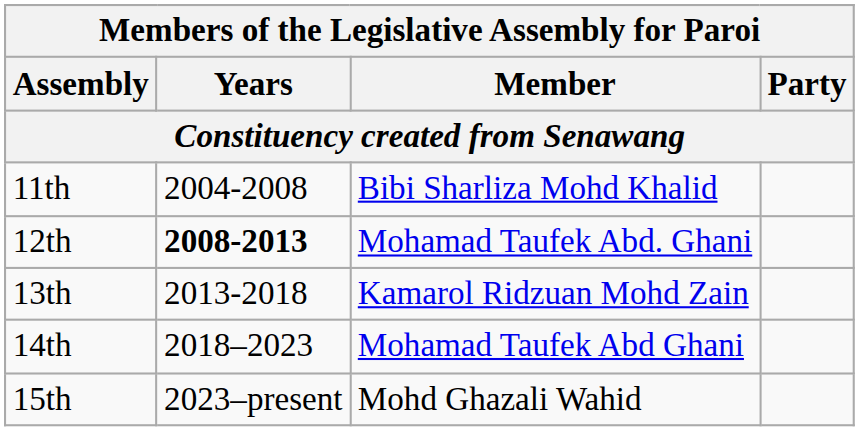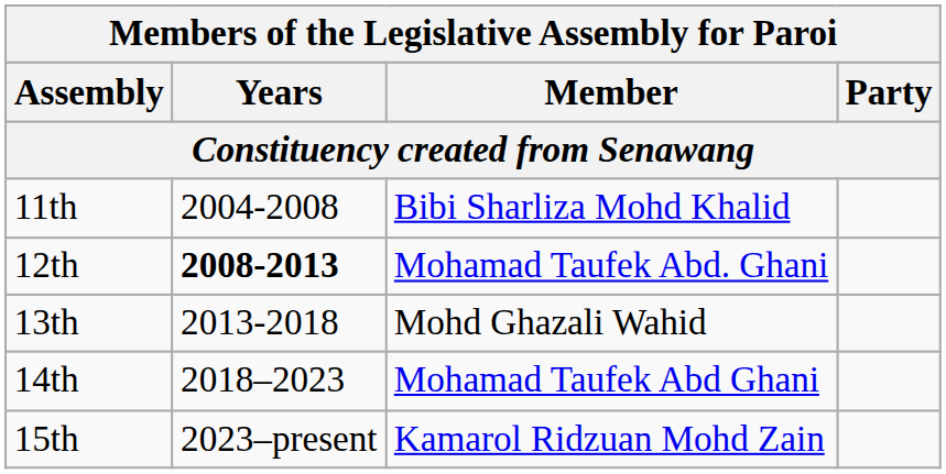 <table class=wikitable>
 <tr>
 <th colspan=4>Members of the Legislative Assembly for Paroi</th>
 </tr>
 <tr>
 <th>Assembly</th>
 <th>Years</th>
 <th>Member</th>
 <th>Party</th>
 </tr>
 <tr>
 <th colspan=4 align=center><em>Constituency created from Senawang</em></th>
 </tr>
 <tr>
 <td>11th</td>
 <td>2004-2008</td>
 <td><a href='#'>Bibi Sharliza Mohd Khalid</a></td>
 <td></td>
 </tr>
 <tr>
 <td>12th</td>
 <td><strong>2008-2013</strong></td>
 <td><a href='#'>Mohamad Taufek Abd. Ghani</a></td>
 <td></td>
 </tr>
 <tr>
 <td>13th</td>
 <td>2013-2018</td>
-<td><a href='#'>Kamarol Ridzuan Mohd Zain</a></td>
+<td>Mohd Ghazali Wahid</td>
 <td></td>
 </tr>
 <tr>
 <td>14th</td>
 <td>2018–2023</td>
 <td><a href='#'>Mohamad Taufek Abd Ghani</a></td>
 <td></td>
 </tr>
 <tr>
 <td>15th</td>
 <td>2023–present</td>
-<td>Mohd Ghazali Wahid</td>
+<td><a href='#'>Kamarol Ridzuan Mohd Zain</a></td>
 <td></td>
 </tr>
 </table>
